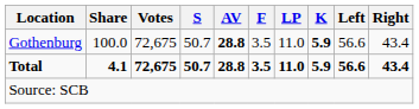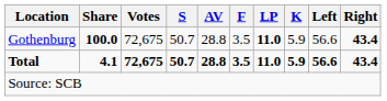 <table class="wikitable sortable" style=text-align:right>
 <tr>
 <th>Location</th>
 <th>Share</th>
 <th>Votes</th>
 <th><a href='#'>S</a></th>
 <th><a href='#'>AV</a></th>
 <th><a href='#'>F</a></th>
 <th><a href='#'>LP</a></th>
 <th><a href='#'>K</a></th>
 <th>Left</th>
 <th>Right</th>
 </tr>
 <tr>
 <td align=left><a href='#'>Gothenburg</a></td>
-<td>100.0</td>
+<td><strong>100.0</strong></td>
 <td>72,675</td>
 <td>50.7</td>
-<td><strong>28.8</strong></td>
+<td>28.8</td>
 <td>3.5</td>
-<td>11.0</td>
-<td><strong>5.9</strong></td>
+<td><strong>11.0</strong></td>
+<td>5.9</td>
 <td>56.6</td>
-<td>43.4</td>
+<td><strong>43.4</strong></td>
 </tr>
 <tr>
 <td align=left><strong>Total</strong></td>
 <td><strong>4.1</strong></td>
 <td><strong>72,675</strong></td>
 <td><strong>50.7</strong></td>
 <td><strong>28.8</strong></td>
 <td><strong>3.5</strong></td>
 <td><strong>11.0</strong></td>
 <td><strong>5.9</strong></td>
 <td><strong>56.6</strong></td>
 <td><strong>43.4</strong></td>
 </tr>
 <tr>
 <td align=left colspan=10>Source: SCB </td>
 </tr>
 </table>
